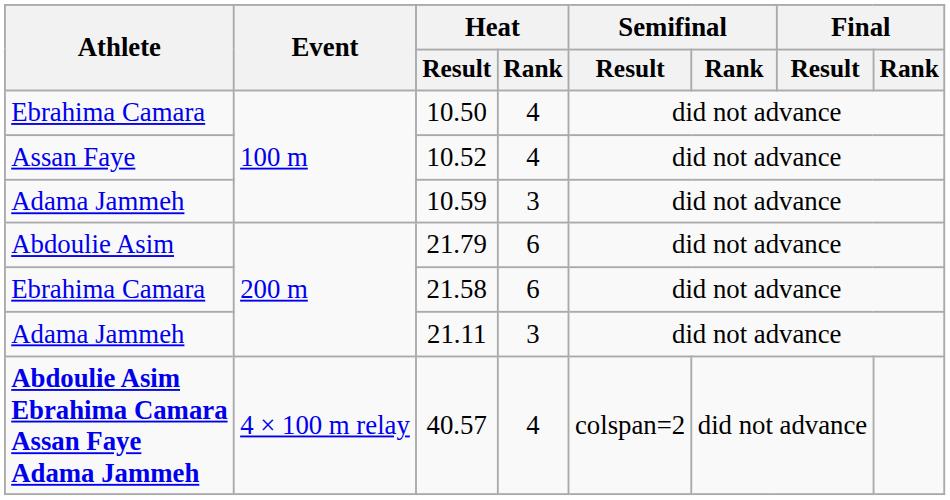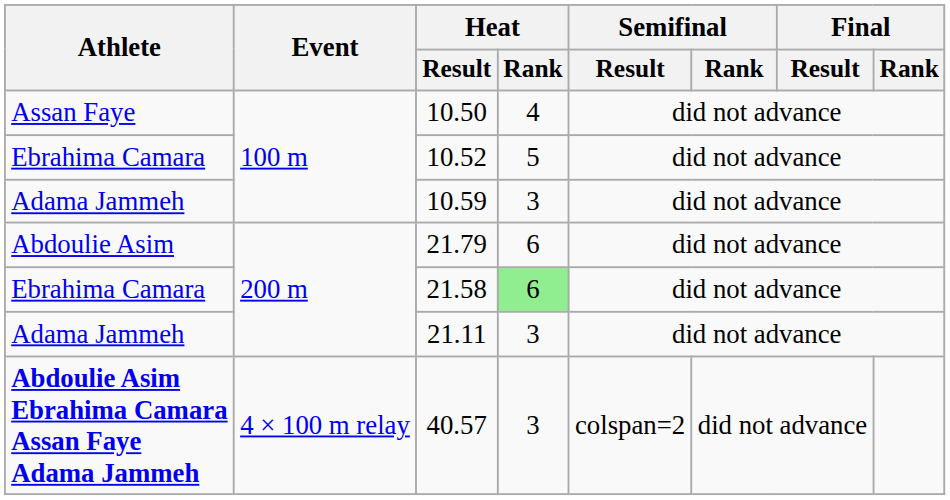 <table class="wikitable" style="font-size:90%">
 <tr>
 <th rowspan=2>Athlete</th>
 <th rowspan=2>Event</th>
 <th colspan=2>Heat</th>
 <th colspan=2>Semifinal</th>
 <th colspan=2>Final</th>
 </tr>
 <tr style="font-size:95%">
 <th>Result</th>
 <th>Rank</th>
 <th>Result</th>
 <th>Rank</th>
 <th>Result</th>
 <th>Rank</th>
 </tr>
 <tr align=center>
-<td align=left><a href='#'>Ebrahima Camara</a></td>
+<td align=left><a href='#'>Assan Faye</a></td>
 <td align=left rowspan=3><a href='#'>100 m</a></td>
 <td>10.50</td>
 <td>4</td>
 <td colspan=4>did not advance</td>
 </tr>
 <tr align=center>
-<td align=left><a href='#'>Assan Faye</a></td>
+<td align=left><a href='#'>Ebrahima Camara</a></td>
 <td>10.52</td>
-<td>4</td>
+<td>5</td>
 <td colspan=4>did not advance</td>
 </tr>
 <tr align=center>
 <td align=left><a href='#'>Adama Jammeh</a></td>
 <td>10.59</td>
 <td>3</td>
 <td colspan=4>did not advance</td>
 </tr>
 <tr align=center>
 <td align=left><a href='#'>Abdoulie Asim</a></td>
 <td align=left rowspan=3><a href='#'>200 m</a></td>
 <td>21.79</td>
 <td>6</td>
 <td colspan=4>did not advance</td>
 </tr>
 <tr align=center>
 <td align=left><a href='#'>Ebrahima Camara</a></td>
 <td>21.58</td>
-<td>6</td>
+<td style="background: lightgreen;">6</td>
 <td colspan=4>did not advance</td>
 </tr>
 <tr align=center>
 <td align=left><a href='#'>Adama Jammeh</a></td>
 <td>21.11</td>
 <td>3</td>
 <td colspan=4>did not advance</td>
 </tr>
 <tr align=center>
 <td align=left><strong><a href='#'>Abdoulie Asim</a><br><a href='#'>Ebrahima Camara</a><br><a href='#'>Assan Faye</a><br><a href='#'>Adama Jammeh</a></strong></td>
 <td align=left><a href='#'>4 × 100 m relay</a></td>
 <td>40.57</td>
-<td>4</td>
+<td>3</td>
 <td>colspan=2 </td>
 <td colspan=2>did not advance</td>
 </tr>
 </table>
